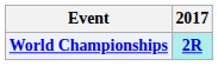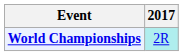 <table style='font-size: 90%; text-align:center;' class='wikitable'>
 <tr>
 <th>Event</th>
 <th>2017</th>
 </tr>
 <tr>
 <td bgcolor="#ECF2FF"; align="left"><strong><a href='#'>World Championships</a></strong></td>
-<td bgcolor=AFEEEE><strong><a href='#'>2R</a></strong></td>
+<td bgcolor=AFEEEE><a href='#'>2R</a></td>
 </tr>
 </table>
